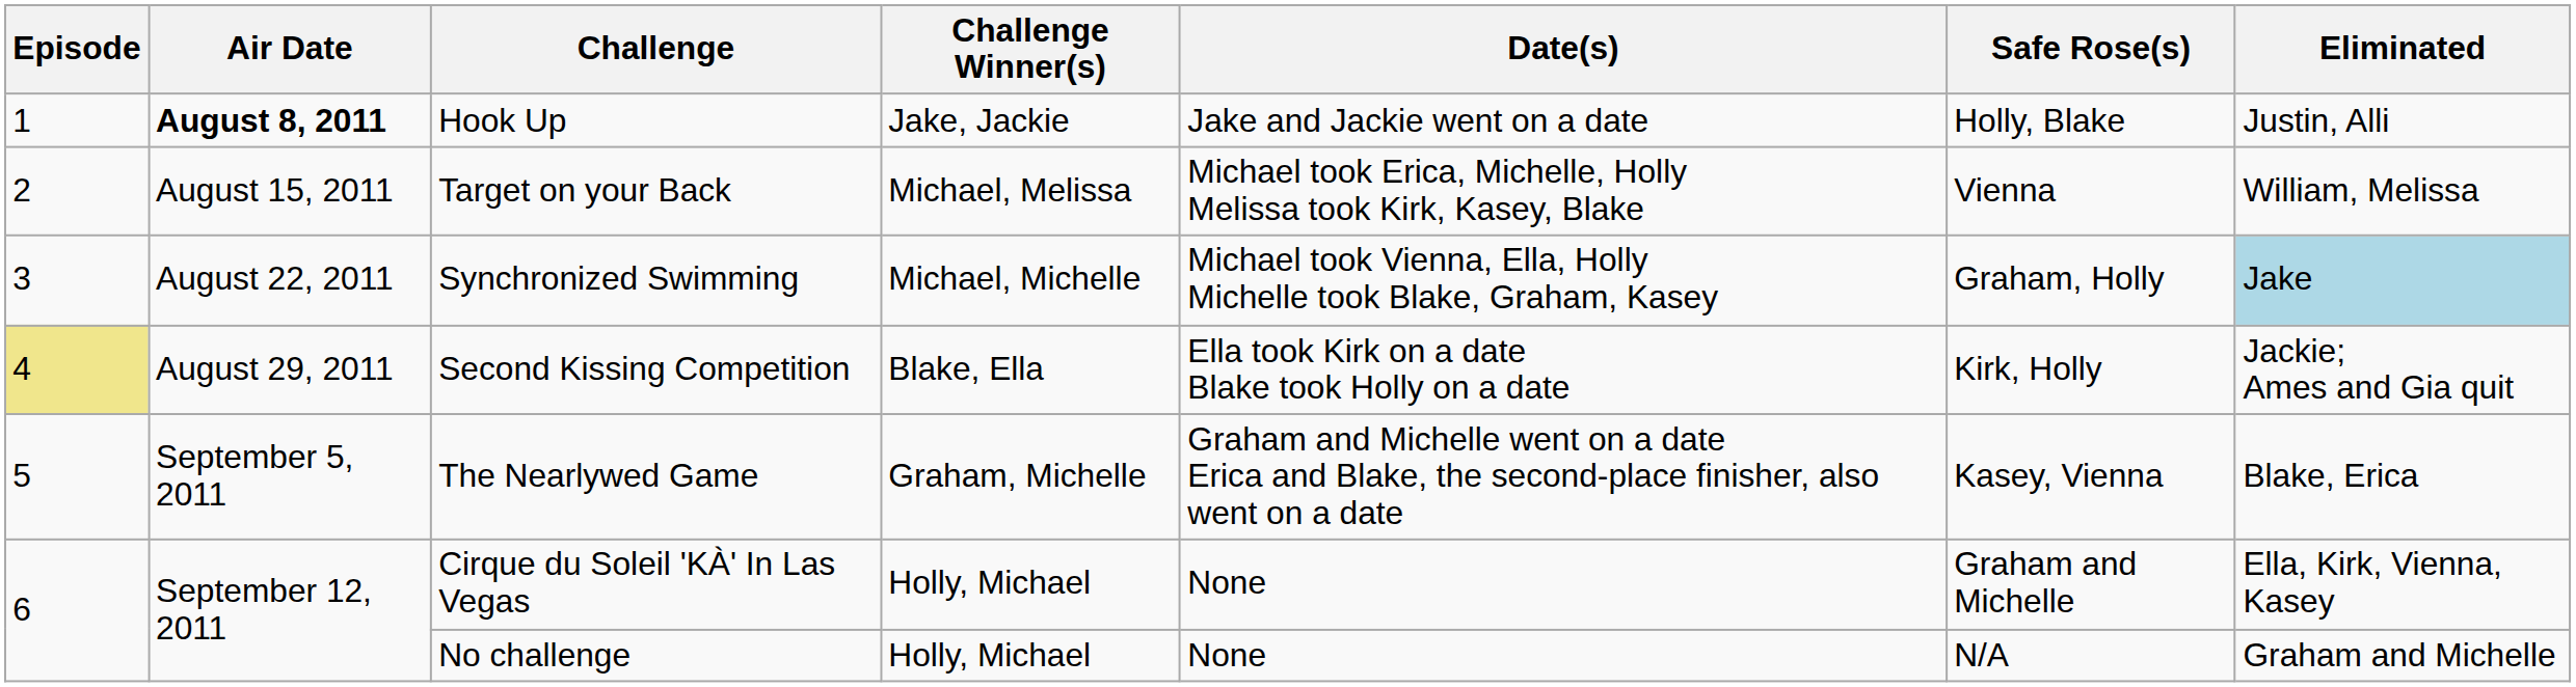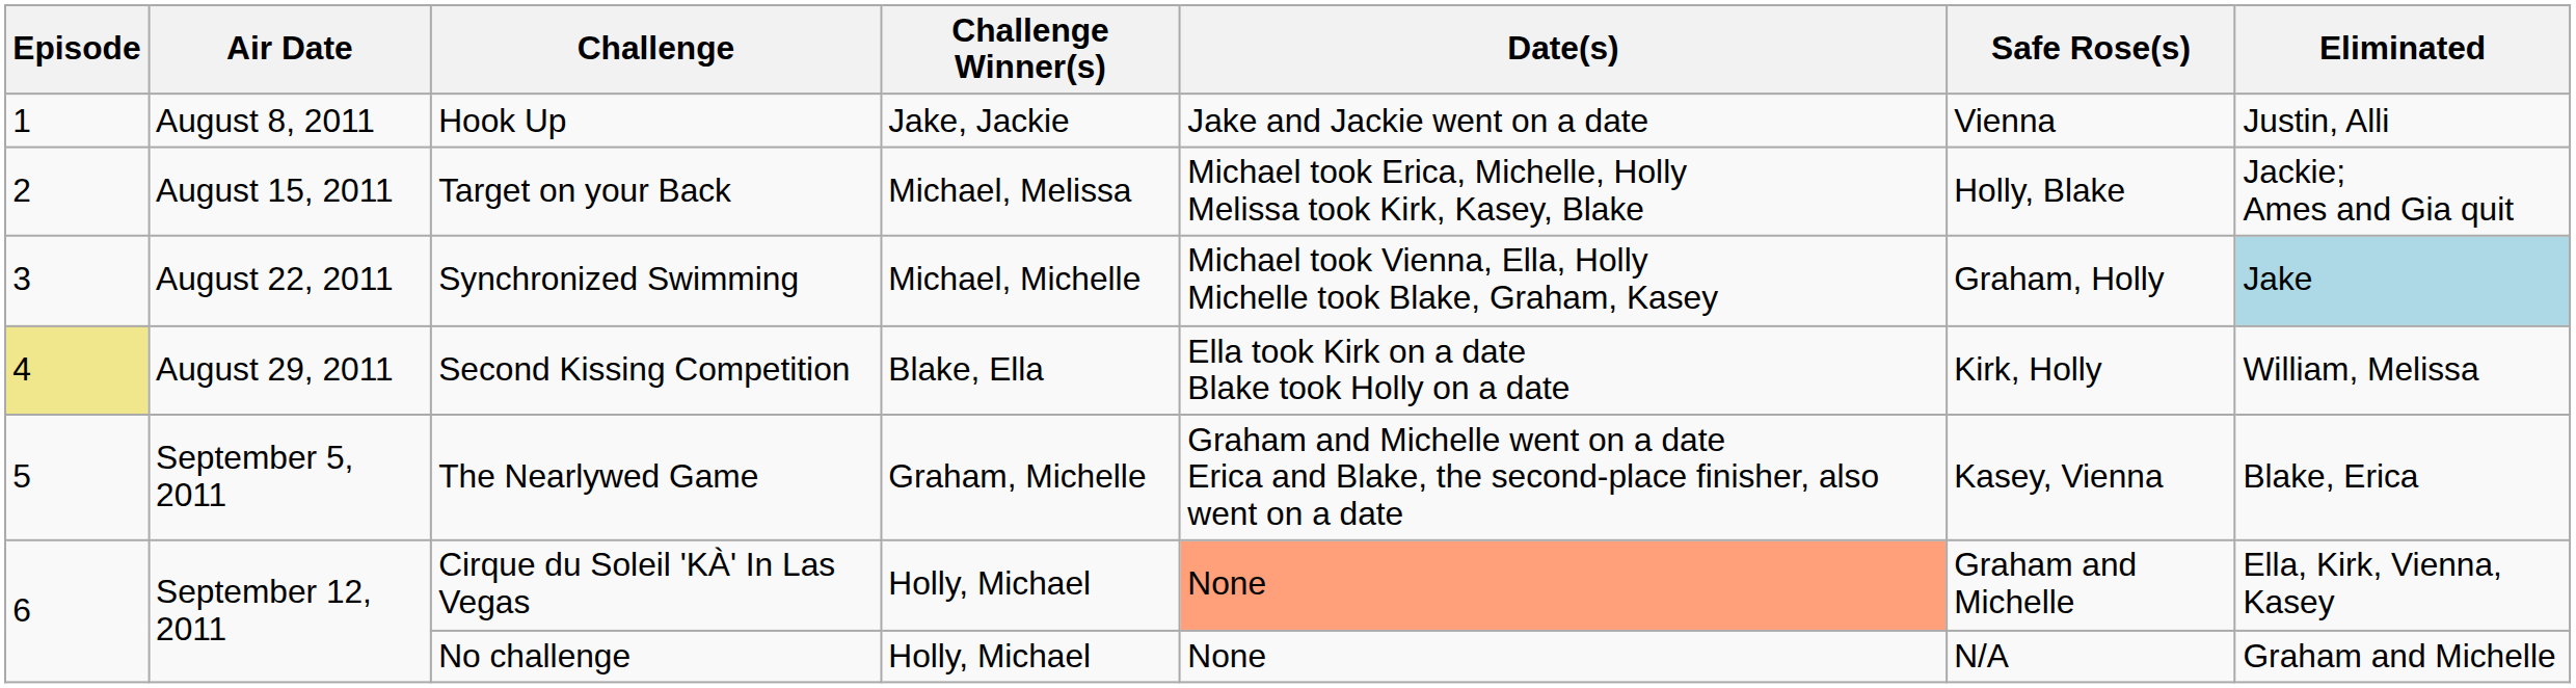 <table class="wikitable">
 <tr>
 <th>Episode</th>
 <th>Air Date</th>
 <th>Challenge</th>
 <th>Challenge Winner(s)</th>
 <th>Date(s)</th>
 <th>Safe Rose(s)</th>
 <th>Eliminated</th>
 </tr>
 <tr>
 <td>1</td>
-<td><strong>August 8, 2011</strong></td>
+<td>August 8, 2011</td>
 <td>Hook Up</td>
 <td>Jake, Jackie</td>
 <td>Jake and Jackie went on a date</td>
-<td>Holly, Blake</td>
+<td>Vienna</td>
 <td>Justin, Alli</td>
 </tr>
 <tr>
 <td>2</td>
 <td>August 15, 2011</td>
 <td>Target on your Back</td>
 <td>Michael, Melissa</td>
 <td>Michael took Erica, Michelle, Holly<br>Melissa took Kirk, Kasey, Blake</td>
-<td>Vienna</td>
-<td>William, Melissa</td>
+<td>Holly, Blake</td>
+<td>Jackie;<br>Ames and Gia quit</td>
 </tr>
 <tr>
 <td>3</td>
 <td>August 22, 2011</td>
 <td>Synchronized Swimming</td>
 <td>Michael, Michelle</td>
 <td>Michael took Vienna, Ella, Holly<br>Michelle took Blake, Graham, Kasey</td>
 <td>Graham, Holly</td>
 <td style="background: lightblue;">Jake</td>
 </tr>
 <tr>
 <td style="background: khaki;">4</td>
 <td>August 29, 2011</td>
 <td>Second Kissing Competition</td>
 <td>Blake, Ella</td>
 <td>Ella took Kirk on a date<br>Blake took Holly on a date</td>
 <td>Kirk, Holly</td>
-<td>Jackie;<br>Ames and Gia quit</td>
+<td>William, Melissa</td>
 </tr>
 <tr>
 <td>5</td>
 <td>September 5, 2011</td>
 <td>The Nearlywed Game</td>
 <td>Graham, Michelle</td>
 <td>Graham and Michelle went on a date <br>Erica and Blake, the second-place finisher, also went on a date</td>
 <td>Kasey, Vienna</td>
 <td>Blake, Erica</td>
 </tr>
 <tr>
 <td rowspan=2>6</td>
 <td rowspan=2>September 12, 2011</td>
 <td>Cirque du Soleil 'KÀ' In Las Vegas</td>
 <td>Holly, Michael</td>
-<td>None</td>
+<td style="background: lightsalmon;">None</td>
 <td>Graham and Michelle</td>
 <td>Ella, Kirk, Vienna, Kasey</td>
 </tr>
 <tr>
 <td>No challenge</td>
 <td>Holly, Michael</td>
 <td>None</td>
 <td>N/A</td>
 <td>Graham and Michelle</td>
 </tr>
 </table>
